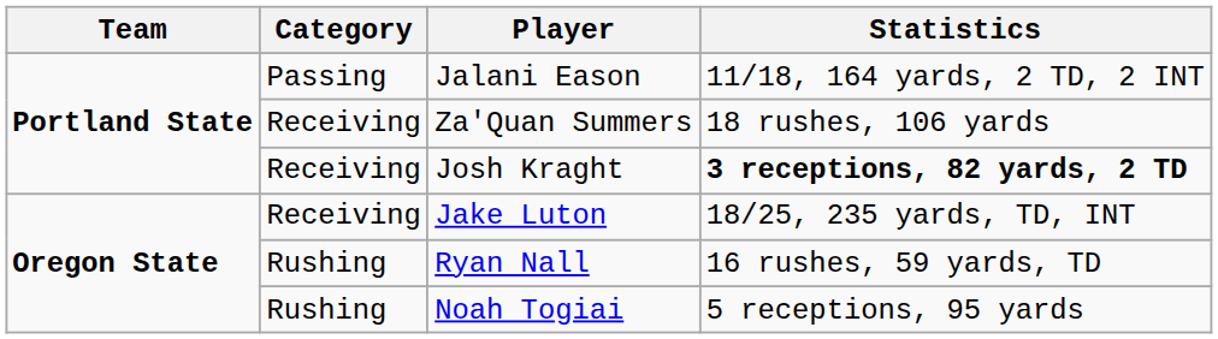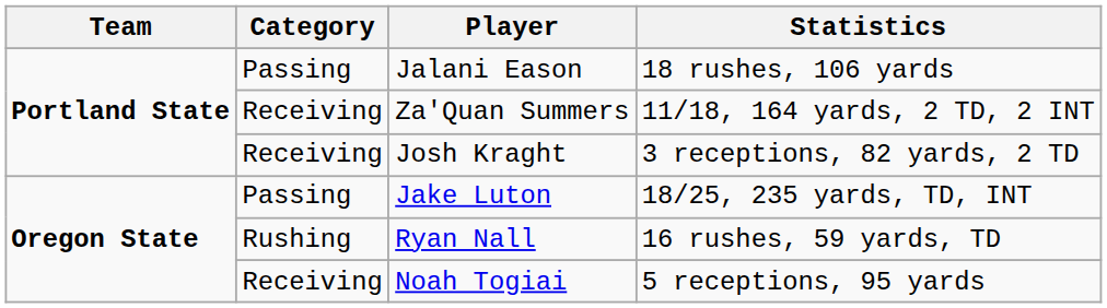 <table class="wikitable" style="float: right;">
 <tr>
 <th>Team</th>
 <th>Category</th>
 <th>Player</th>
 <th>Statistics</th>
 </tr>
 <tr>
 <td rowspan=3><strong>Portland State</strong></td>
 <td>Passing</td>
 <td>Jalani Eason</td>
+<td>18 rushes, 106 yards</td>
+</tr>
+<tr>
+<td>Receiving</td>
+<td>Za'Quan Summers</td>
 <td>11/18, 164 yards, 2 TD, 2 INT</td>
 </tr>
 <tr>
 <td>Receiving</td>
-<td>Za'Quan Summers</td>
-<td>18 rushes, 106 yards</td>
-</tr>
-<tr>
-<td>Receiving</td>
 <td>Josh Kraght</td>
-<td><strong>3 receptions, 82 yards, 2 TD</strong></td>
+<td>3 receptions, 82 yards, 2 TD</td>
 </tr>
 <tr>
 <td rowspan=3><strong>Oregon State</strong></td>
-<td>Receiving</td>
+<td>Passing</td>
 <td><a href='#'>Jake Luton</a></td>
 <td>18/25, 235 yards, TD, INT</td>
 </tr>
 <tr>
 <td>Rushing</td>
 <td><a href='#'>Ryan Nall</a></td>
 <td>16 rushes, 59 yards, TD</td>
 </tr>
 <tr>
-<td>Rushing</td>
+<td>Receiving</td>
 <td><a href='#'>Noah Togiai</a></td>
 <td>5 receptions, 95 yards</td>
 </tr>
 </table>
